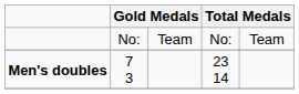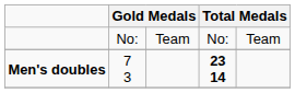 <table class="wikitable" style="text-align: center; font-size:95%;">
 <tr>
 <td></td>
 <th colspan=2>Gold Medals</th>
 <th colspan=2>Total Medals</th>
 </tr>
 <tr>
 <td></td>
 <td>No:</td>
 <td>Team</td>
 <td>No:</td>
 <td>Team</td>
 </tr>
 <tr>
 </tr>
 <tr>
 <td><strong>Men's doubles</strong></td>
 <td>7 <br> 3</td>
 <td align="left"> <br> </td>
-<td>23 <br> 14</td>
+<td><strong>23 <br> 14</strong></td>
 <td align="left"> <br> </td>
 </tr>
 <tr>
 </tr>
 </table>
